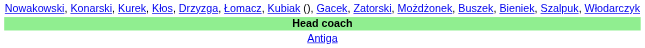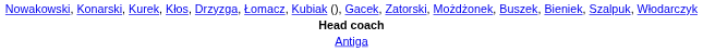 <table style="text-align: center; margin-top: 2em; margin-left: auto; margin-right: auto">
 <tr>
 <td><a href='#'>Nowakowski</a>, <a href='#'>Konarski</a>, <a href='#'>Kurek</a>, <a href='#'>Kłos</a>, <a href='#'>Drzyzga</a>, <a href='#'>Łomacz</a>, <a href='#'>Kubiak</a> (), <a href='#'>Gacek</a>, <a href='#'>Zatorski</a>, <a href='#'>Możdżonek</a>, <a href='#'>Buszek</a>, <a href='#'>Bieniek</a>, <a href='#'>Szalpuk</a>, <a href='#'>Włodarczyk</a></td>
 </tr>
 <tr>
-<td style="background: lightgreen;"><strong>Head coach</strong></td>
+<td><strong>Head coach</strong></td>
 </tr>
 <tr>
 <td><a href='#'>Antiga</a></td>
 </tr>
 </table>
